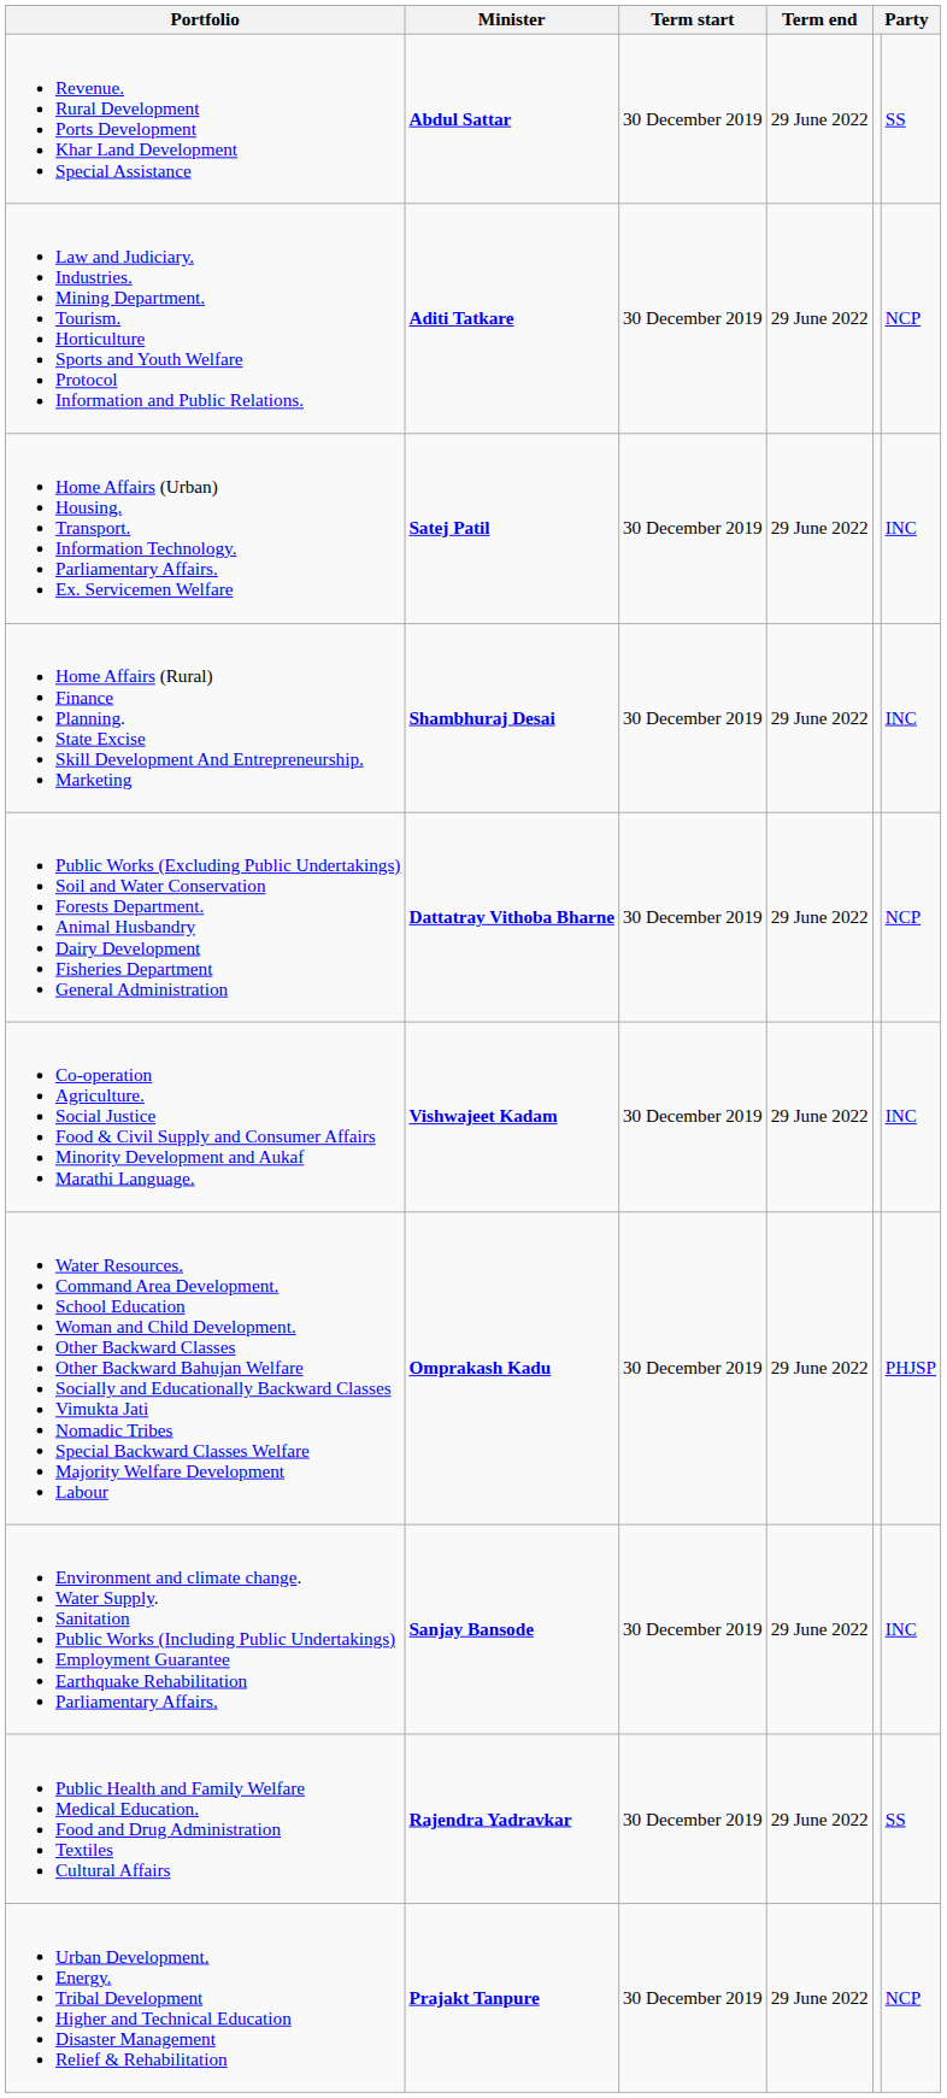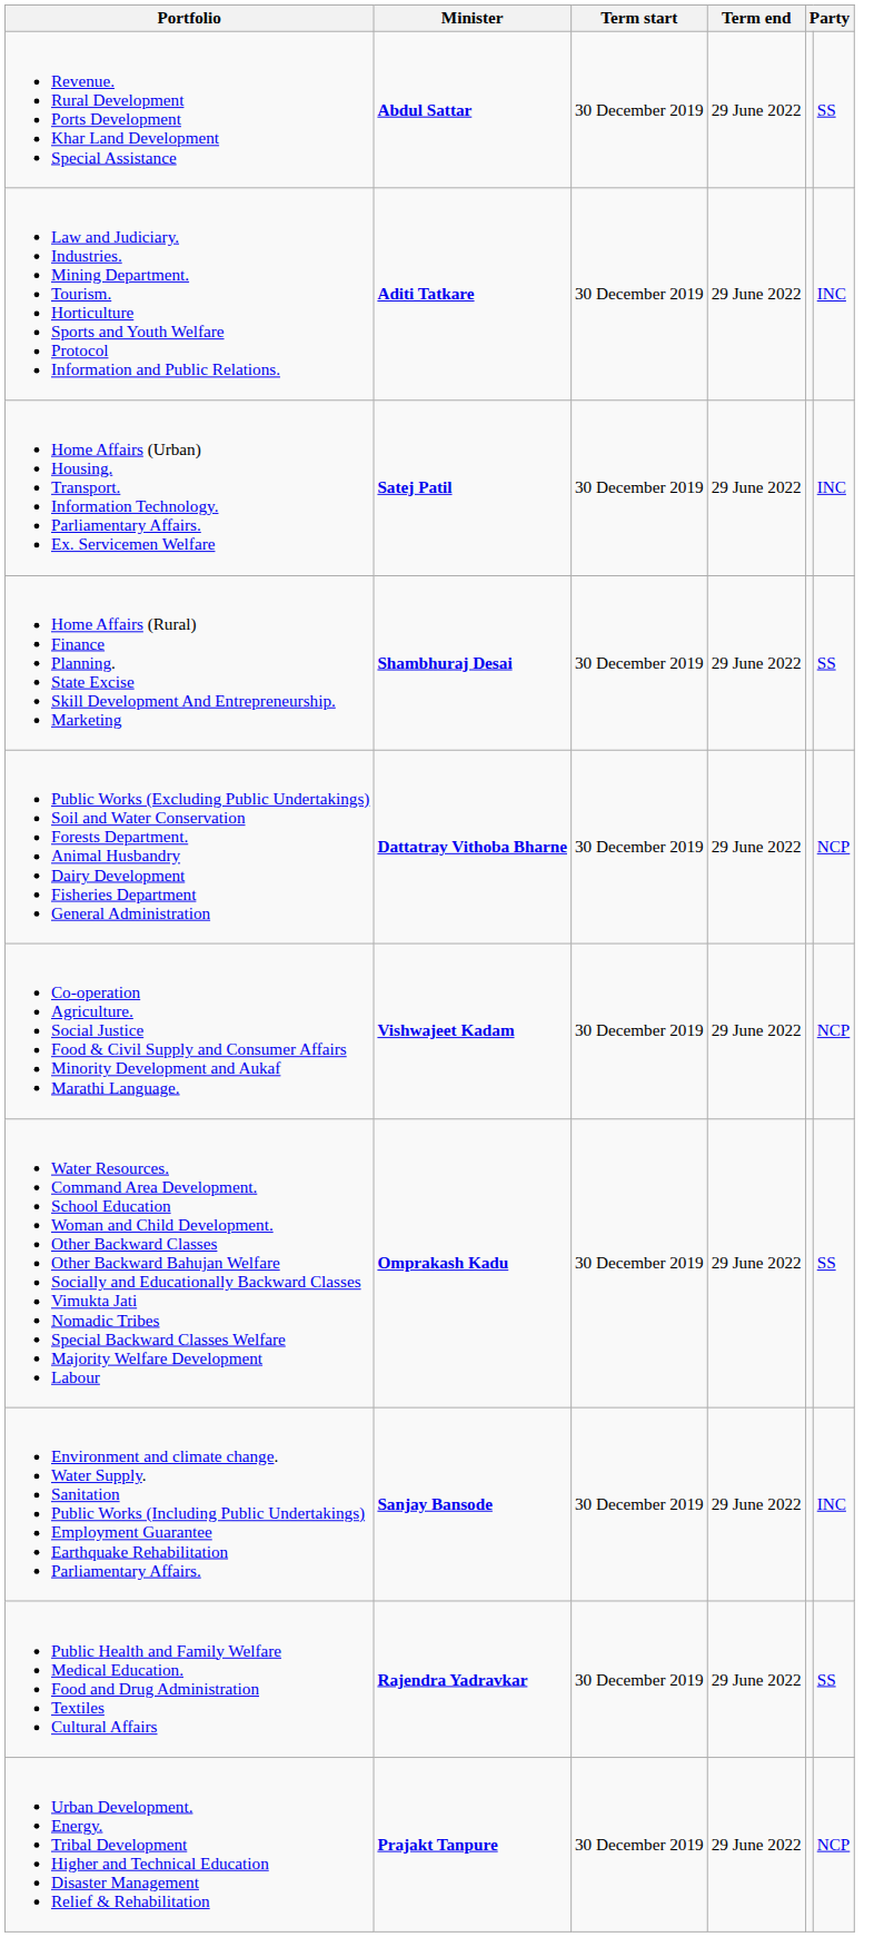 <table class="wikitable">
 <tr>
 <th>Portfolio</th>
 <th>Minister</th>
 <th>Term start</th>
 <th>Term end</th>
 <th colspan="2">Party</th>
 </tr>
 <tr>
 <td><br><ul><li><a href='#'>Revenue.</a></li><li><a href='#'>Rural Development</a></li><li><a href='#'>Ports Development</a></li><li><a href='#'>Khar Land Development</a></li><li><a href='#'>Special Assistance</a></li></ul></td>
 <td><strong><a href='#'>Abdul Sattar</a></strong></td>
 <td>30 December 2019</td>
 <td>29 June 2022</td>
 <td></td>
 <td><a href='#'>SS</a></td>
 </tr>
 <tr>
 <td><br><ul><li><a href='#'>Law and Judiciary.</a></li><li><a href='#'>Industries.</a></li><li><a href='#'>Mining Department.</a></li><li><a href='#'>Tourism.</a></li><li><a href='#'>Horticulture</a></li><li><a href='#'>Sports and Youth Welfare</a></li><li><a href='#'>Protocol</a></li><li><a href='#'>Information and Public Relations.</a></li></ul></td>
 <td><strong><a href='#'>Aditi Tatkare</a></strong></td>
 <td>30 December 2019</td>
 <td>29 June 2022</td>
 <td></td>
-<td><a href='#'>NCP</a></td>
+<td><a href='#'>INC</a></td>
 </tr>
 <tr>
 <td><br><ul><li><a href='#'>Home Affairs</a> (Urban)</li><li><a href='#'>Housing.</a></li><li><a href='#'>Transport.</a></li><li><a href='#'>Information Technology.</a></li><li><a href='#'>Parliamentary Affairs.</a></li><li><a href='#'>Ex. Servicemen Welfare</a></li></ul></td>
 <td><strong><a href='#'>Satej Patil</a></strong></td>
 <td>30 December 2019</td>
 <td>29 June 2022</td>
 <td></td>
 <td><a href='#'>INC</a></td>
 </tr>
 <tr>
 <td><br><ul><li><a href='#'>Home Affairs</a> (Rural)</li><li><a href='#'>Finance</a></li><li><a href='#'>Planning</a>.</li><li><a href='#'>State Excise</a></li><li><a href='#'>Skill Development And Entrepreneurship.</a></li><li><a href='#'>Marketing</a></li></ul></td>
 <td><strong><a href='#'>Shambhuraj Desai</a></strong></td>
 <td>30 December 2019</td>
 <td>29 June 2022</td>
 <td></td>
-<td><a href='#'>INC</a></td>
+<td><a href='#'>SS</a></td>
 </tr>
 <tr>
 <td><br><ul><li><a href='#'>Public Works (Excluding Public Undertakings)</a></li><li><a href='#'>Soil and Water Conservation</a></li><li><a href='#'>Forests Department.</a></li><li><a href='#'>Animal Husbandry</a></li><li><a href='#'>Dairy Development</a></li><li><a href='#'>Fisheries Department</a></li><li><a href='#'>General Administration</a></li></ul></td>
 <td><strong><a href='#'>Dattatray Vithoba Bharne</a></strong></td>
 <td>30 December 2019</td>
 <td>29 June 2022</td>
 <td></td>
 <td><a href='#'>NCP</a></td>
 </tr>
 <tr>
 <td><br><ul><li><a href='#'>Co-operation</a></li><li><a href='#'>Agriculture.</a></li><li><a href='#'>Social Justice</a></li><li><a href='#'>Food & Civil Supply  and Consumer Affairs</a></li><li><a href='#'>Minority Development and Aukaf</a></li><li><a href='#'>Marathi Language.</a></li></ul></td>
 <td><strong><a href='#'>Vishwajeet Kadam</a></strong></td>
 <td>30 December 2019</td>
 <td>29 June 2022</td>
 <td></td>
-<td><a href='#'>INC</a></td>
+<td><a href='#'>NCP</a></td>
 </tr>
 <tr>
 <td><br><ul><li><a href='#'>Water Resources.</a></li><li><a href='#'>Command Area Development.</a></li><li><a href='#'>School Education</a></li><li><a href='#'>Woman and Child Development.</a></li><li><a href='#'>Other Backward Classes</a></li><li><a href='#'>Other Backward Bahujan Welfare</a></li><li><a href='#'>Socially and Educationally Backward Classes</a></li><li><a href='#'>Vimukta Jati</a></li><li><a href='#'>Nomadic Tribes</a></li><li><a href='#'>Special Backward Classes Welfare</a></li><li><a href='#'>Majority Welfare Development</a></li><li><a href='#'>Labour</a></li></ul></td>
 <td><strong><a href='#'>Omprakash Kadu</a></strong></td>
 <td>30 December 2019</td>
 <td>29 June 2022</td>
 <td></td>
-<td><a href='#'>PHJSP</a></td>
+<td><a href='#'>SS</a></td>
 </tr>
 <tr>
 <td><br><ul><li><a href='#'>Environment and climate change</a>.</li><li><a href='#'>Water Supply</a>.</li><li><a href='#'>Sanitation</a></li><li><a href='#'>Public Works (Including Public Undertakings)</a></li><li><a href='#'>Employment Guarantee</a></li><li><a href='#'> Earthquake Rehabilitation</a></li><li><a href='#'>Parliamentary Affairs.</a></li></ul></td>
 <td><strong><a href='#'>Sanjay Bansode</a></strong></td>
 <td>30 December 2019</td>
 <td>29 June 2022</td>
 <td></td>
 <td><a href='#'>INC</a></td>
 </tr>
 <tr>
 <td><br><ul><li><a href='#'>Public Health and Family Welfare</a></li><li><a href='#'>Medical Education.</a></li><li><a href='#'>Food and Drug Administration</a></li><li><a href='#'>Textiles</a></li><li><a href='#'>Cultural Affairs</a></li></ul></td>
 <td><strong><a href='#'>Rajendra Yadravkar</a></strong></td>
 <td>30 December 2019</td>
 <td>29 June 2022</td>
 <td></td>
 <td><a href='#'>SS</a></td>
 </tr>
 <tr>
 <td><br><ul><li><a href='#'>Urban Development.</a></li><li><a href='#'>Energy.</a></li><li><a href='#'>Tribal Development</a></li><li><a href='#'>Higher and Technical Education</a></li><li><a href='#'>Disaster Management</a></li><li><a href='#'>Relief & Rehabilitation</a></li></ul></td>
 <td><strong><a href='#'>Prajakt Tanpure</a></strong></td>
 <td>30 December 2019</td>
 <td>29 June 2022</td>
 <td></td>
 <td><a href='#'>NCP</a></td>
 </tr>
 </table>
